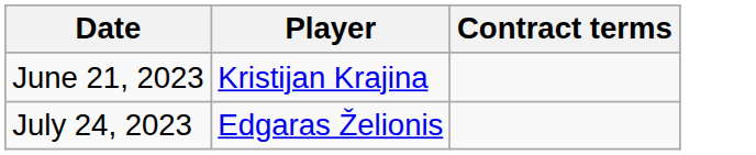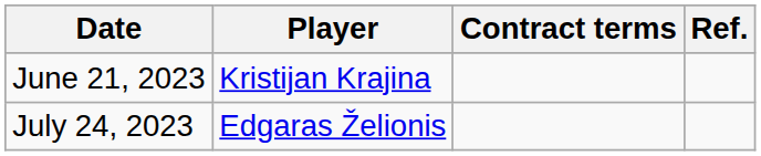 <table class="wikitable">
 <tr>
 <th>Date</th>
 <th>Player</th>
 <th>Contract terms</th>
+<th>Ref.</th>
 </tr>
 <tr>
 <td>June 21, 2023</td>
 <td><a href='#'>Kristijan Krajina</a></td>
+<td></td>
 <td></td>
 </tr>
 <tr>
 <td>July 24, 2023</td>
 <td><a href='#'>Edgaras Želionis</a></td>
 <td></td>
+<td></td>
 </tr>
 </table>
